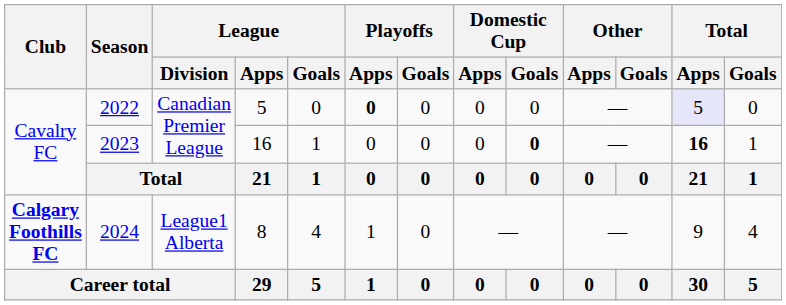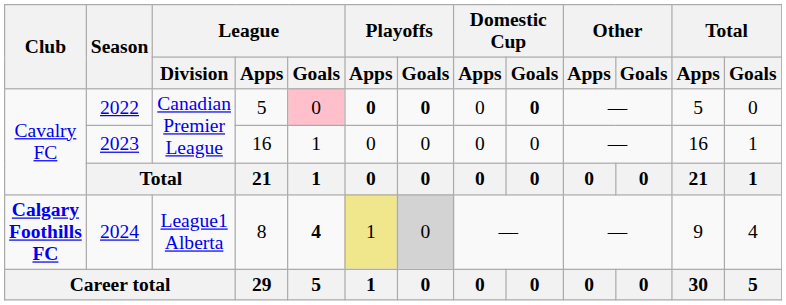 <table class="wikitable" style="text-align: center;">
 <tr>
 <th rowspan="2">Club</th>
 <th rowspan="2">Season</th>
 <th colspan="3">League</th>
 <th colspan="2">Playoffs</th>
 <th colspan="2">Domestic Cup</th>
 <th colspan="2">Other</th>
 <th colspan="2">Total</th>
 </tr>
 <tr>
 <th>Division</th>
 <th>Apps</th>
 <th>Goals</th>
 <th>Apps</th>
 <th>Goals</th>
 <th>Apps</th>
 <th>Goals</th>
 <th>Apps</th>
 <th>Goals</th>
 <th>Apps</th>
 <th>Goals</th>
 </tr>
 <tr>
 <td rowspan="3"><a href='#'>Cavalry FC</a></td>
 <td><a href='#'>2022</a></td>
 <td rowspan="2"><a href='#'>Canadian Premier League</a></td>
 <td>5</td>
+<td style="background: pink;">0</td>
+<td><strong>0</strong></td>
+<td><strong>0</strong></td>
 <td>0</td>
 <td><strong>0</strong></td>
-<td>0</td>
-<td>0</td>
-<td>0</td>
 <td colspan="2">—</td>
-<td style="background: lavender;">5</td>
+<td>5</td>
 <td>0</td>
 </tr>
 <tr>
 <td><a href='#'>2023</a></td>
 <td>16</td>
 <td>1</td>
 <td>0</td>
 <td>0</td>
 <td>0</td>
-<td><strong>0</strong></td>
+<td>0</td>
 <td colspan="2">—</td>
-<td><strong>16</strong></td>
+<td>16</td>
 <td>1</td>
 </tr>
 <tr>
 <th colspan="2">Total</th>
 <th>21</th>
 <th>1</th>
 <th>0</th>
 <th>0</th>
 <th>0</th>
 <th>0</th>
 <th>0</th>
 <th>0</th>
 <th>21</th>
 <th>1</th>
 </tr>
 <tr>
 <td><strong><a href='#'>Calgary Foothills FC</a></strong></td>
 <td><a href='#'>2024</a></td>
 <td><a href='#'>League1 Alberta</a></td>
 <td>8</td>
-<td>4</td>
-<td>1</td>
-<td>0</td>
+<td><strong>4</strong></td>
+<td style="background: khaki;">1</td>
+<td style="background: lightgrey;">0</td>
 <td colspan="2">—</td>
 <td colspan="2">—</td>
 <td>9</td>
 <td>4</td>
 </tr>
 <tr>
 <th colspan="3">Career total</th>
 <th>29</th>
 <th>5</th>
 <th>1</th>
 <th>0</th>
 <th>0</th>
 <th>0</th>
 <th>0</th>
 <th>0</th>
 <th>30</th>
 <th>5</th>
 </tr>
 </table>
